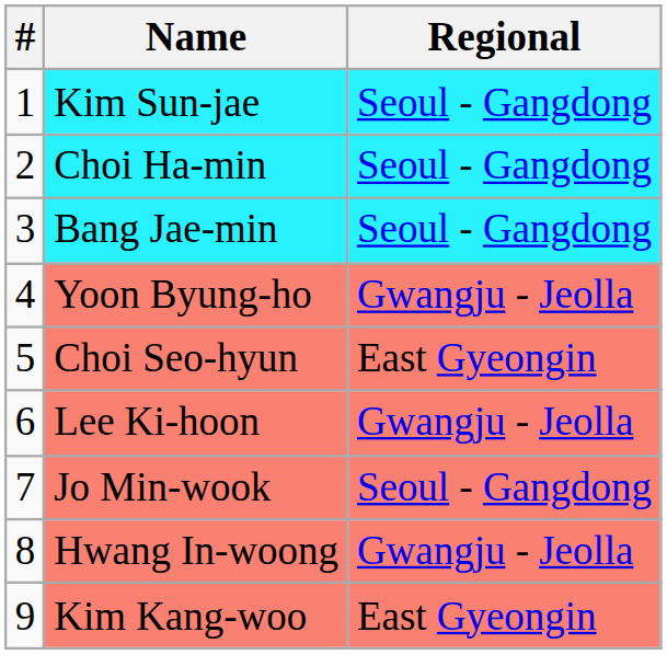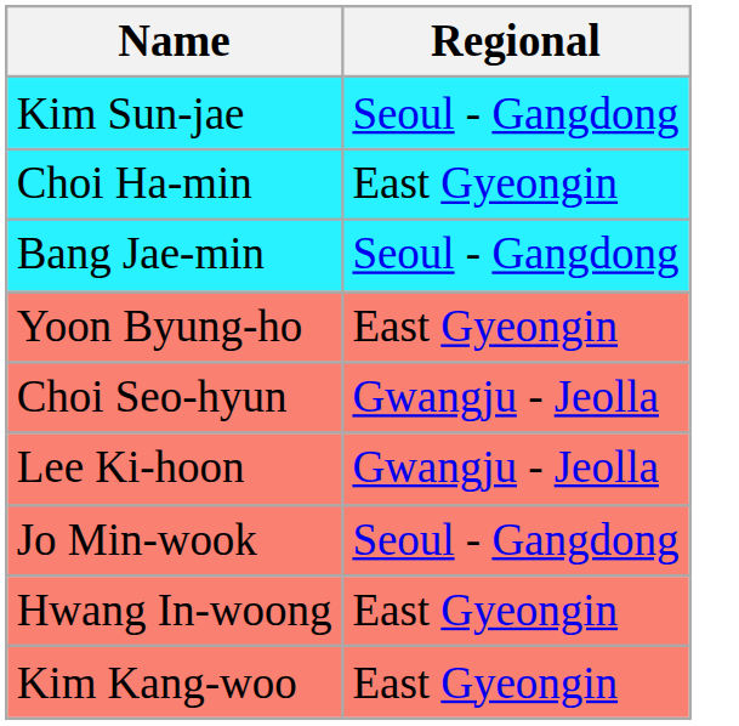 <table class="wikitable">
 <tr>
-<th>#</th>
 <th>Name</th>
 <th>Regional</th>
 </tr>
 <tr>
-<td>1</td>
 <td style="background:#28f2ff;">Kim Sun-jae</td>
 <td style="background:#28f2ff;"><a href='#'>Seoul</a> - <a href='#'>Gangdong</a></td>
 </tr>
 <tr>
-<td>2</td>
 <td style="background:#28f2ff;">Choi Ha-min</td>
-<td style="background:#28f2ff;"><a href='#'>Seoul</a> - <a href='#'>Gangdong</a></td>
+<td style="background:#28f2ff;">East <a href='#'>Gyeongin</a></td>
 </tr>
 <tr>
-<td>3</td>
 <td style="background:#28f2ff;">Bang Jae-min</td>
 <td style="background:#28f2ff;"><a href='#'>Seoul</a> - <a href='#'>Gangdong</a></td>
 </tr>
 <tr>
-<td>4</td>
 <td style="background:#FA8072;">Yoon Byung-ho</td>
+<td style="background:#FA8072;">East <a href='#'>Gyeongin</a></td>
+</tr>
+<tr>
+<td style="background:#FA8072;">Choi Seo-hyun</td>
 <td style="background:#FA8072;"><a href='#'>Gwangju</a> - <a href='#'>Jeolla</a></td>
 </tr>
 <tr>
-<td>5</td>
-<td style="background:#FA8072;">Choi Seo-hyun</td>
-<td style="background:#FA8072;">East <a href='#'>Gyeongin</a></td>
-</tr>
-<tr>
-<td>6</td>
 <td style="background:#FA8072;">Lee Ki-hoon</td>
 <td style="background:#FA8072;"><a href='#'>Gwangju</a> - <a href='#'>Jeolla</a></td>
 </tr>
 <tr>
-<td>7</td>
 <td style="background:#FA8072;">Jo Min-wook</td>
 <td style="background:#FA8072;"><a href='#'>Seoul</a> - <a href='#'>Gangdong</a></td>
 </tr>
 <tr>
-<td>8</td>
 <td style="background:#FA8072;">Hwang In-woong</td>
-<td style="background:#FA8072;"><a href='#'>Gwangju</a> - <a href='#'>Jeolla</a></td>
+<td style="background:#FA8072;">East <a href='#'>Gyeongin</a></td>
 </tr>
 <tr>
-<td>9</td>
 <td style="background:#FA8072;">Kim Kang-woo</td>
 <td style="background:#FA8072;">East <a href='#'>Gyeongin</a></td>
 </tr>
 </table>
